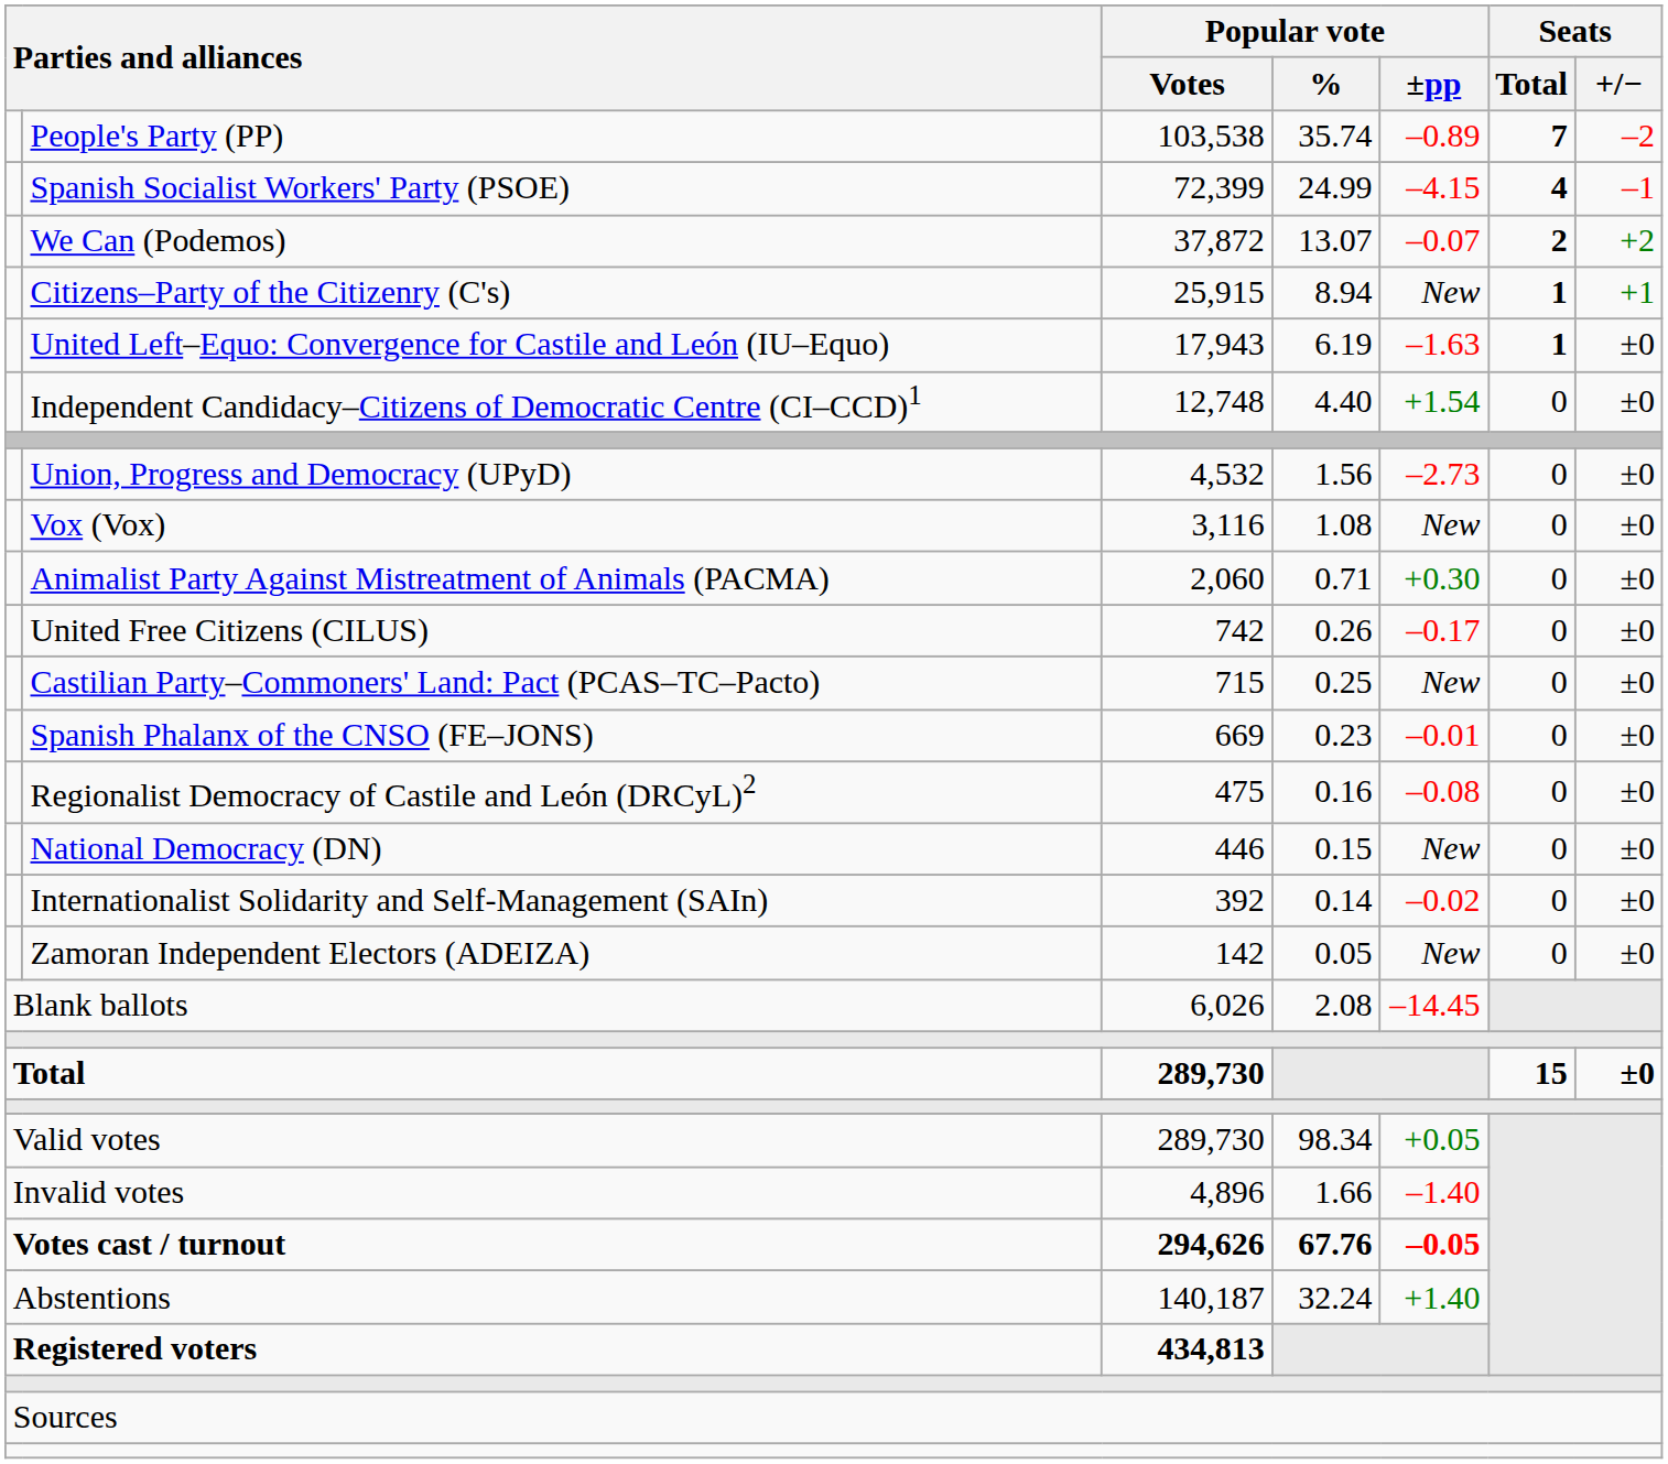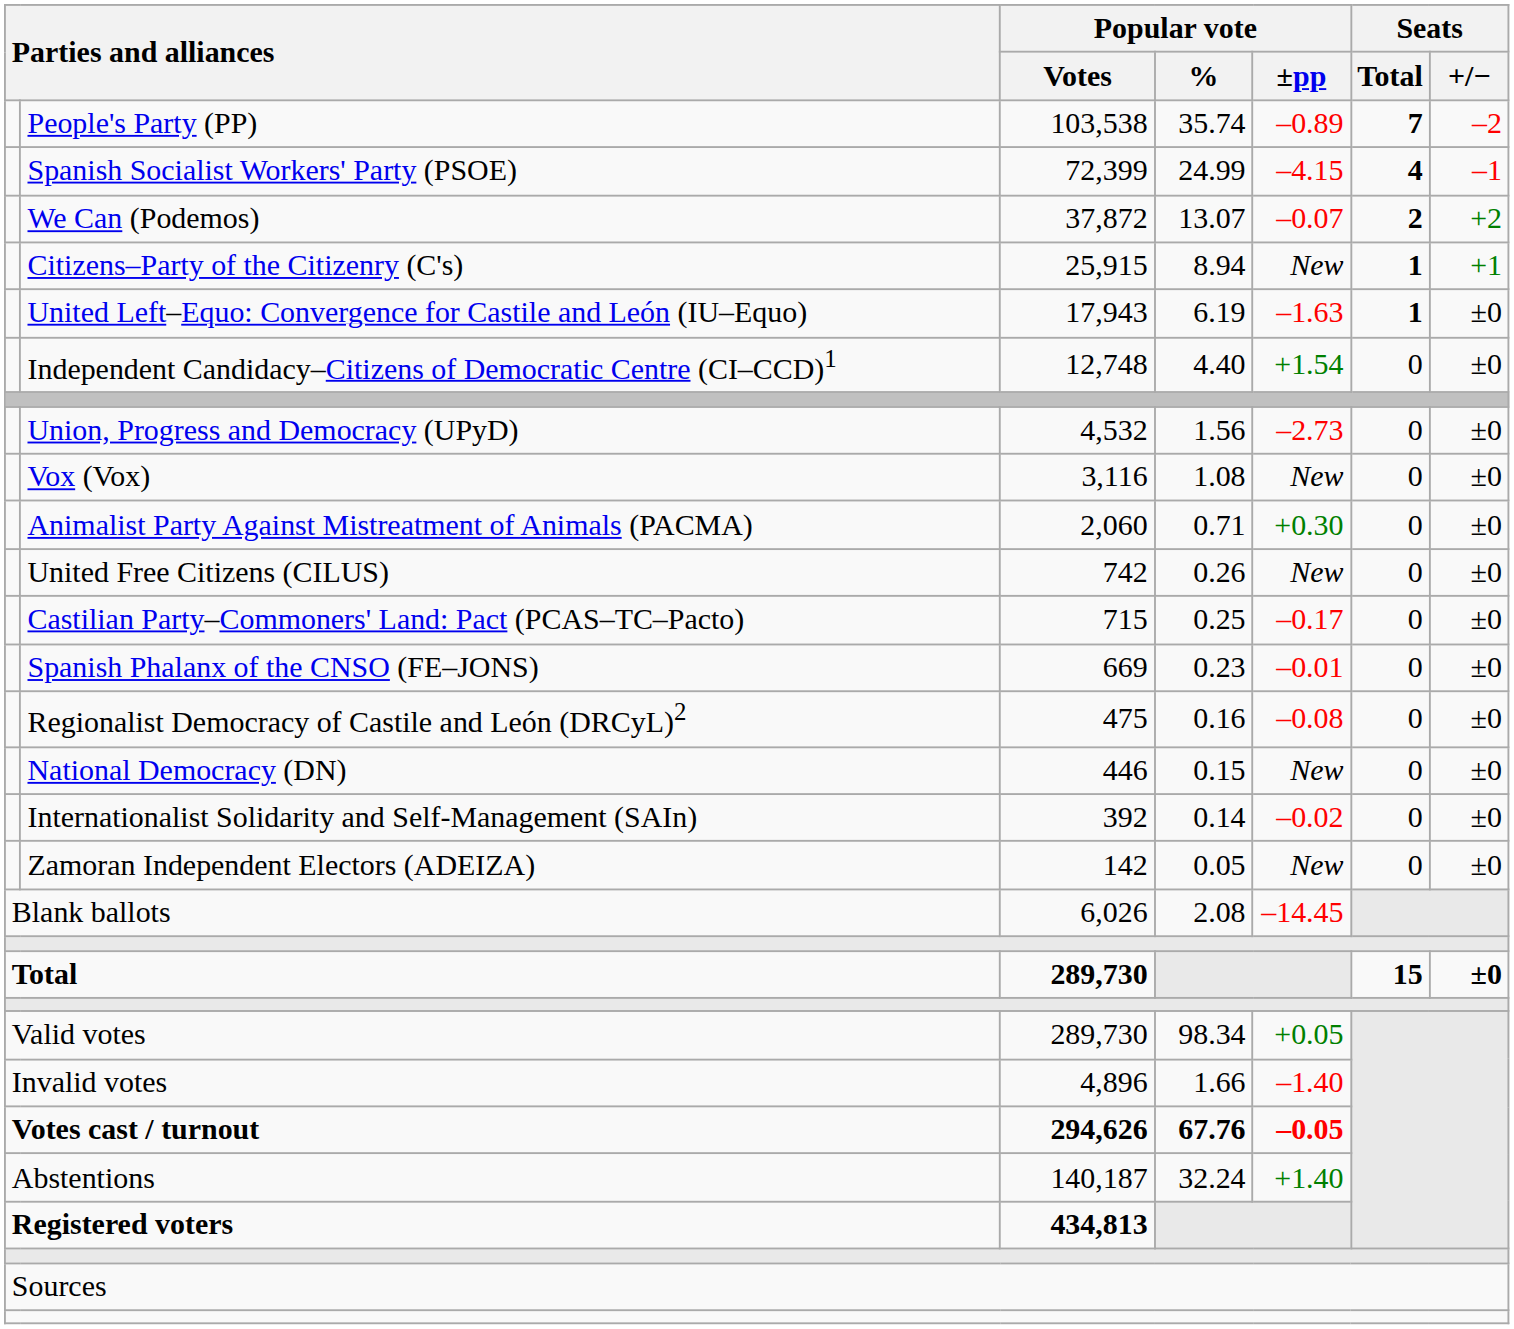 <table class="wikitable" style="text-align:right;">
 <tr>
 <th style="text-align:left;" rowspan="2" colspan="2" width="525">Parties and alliances</th>
 <th colspan="3">Popular vote</th>
 <th colspan="2">Seats</th>
 </tr>
 <tr>
 <th width="75">Votes</th>
 <th width="45">%</th>
 <th width="45">±<a href='#'>pp</a></th>
 <th width="35">Total</th>
 <th width="35">+/−</th>
 </tr>
 <tr>
 <td width="1" style="color:inherit;background:"></td>
 <td align="left"><a href='#'>People's Party</a> (PP)</td>
 <td>103,538</td>
 <td>35.74</td>
 <td style="color:red;">–0.89</td>
 <td><strong>7</strong></td>
 <td style="color:red;">–2</td>
 </tr>
 <tr>
 <td style="color:inherit;background:"></td>
 <td align="left"><a href='#'>Spanish Socialist Workers' Party</a> (PSOE)</td>
 <td>72,399</td>
 <td>24.99</td>
 <td style="color:red;">–4.15</td>
 <td><strong>4</strong></td>
 <td style="color:red;">–1</td>
 </tr>
 <tr>
 <td style="color:inherit;background:"></td>
 <td align="left"><a href='#'>We Can</a> (Podemos)</td>
 <td>37,872</td>
 <td>13.07</td>
 <td style="color:red;">–0.07</td>
 <td><strong>2</strong></td>
 <td style="color:green;">+2</td>
 </tr>
 <tr>
 <td style="color:inherit;background:"></td>
 <td align="left"><a href='#'>Citizens–Party of the Citizenry</a> (C's)</td>
 <td>25,915</td>
 <td>8.94</td>
 <td><em>New</em></td>
 <td><strong>1</strong></td>
 <td style="color:green;">+1</td>
 </tr>
 <tr>
 <td style="color:inherit;background:"></td>
 <td align="left"><a href='#'>United Left</a>–<a href='#'>Equo: Convergence for Castile and León</a> (IU–Equo)</td>
 <td>17,943</td>
 <td>6.19</td>
 <td style="color:red;">–1.63</td>
 <td><strong>1</strong></td>
 <td>±0</td>
 </tr>
 <tr>
 <td style="color:inherit;background:"></td>
 <td align="left">Independent Candidacy–<a href='#'>Citizens of Democratic Centre</a> (CI–CCD)<sup>1</sup></td>
 <td>12,748</td>
 <td>4.40</td>
 <td style="color:green;">+1.54</td>
 <td>0</td>
 <td>±0</td>
 </tr>
 <tr>
 <td colspan="7" bgcolor="#C0C0C0"></td>
 </tr>
 <tr>
 <td style="color:inherit;background:"></td>
 <td align="left"><a href='#'>Union, Progress and Democracy</a> (UPyD)</td>
 <td>4,532</td>
 <td>1.56</td>
 <td style="color:red;">–2.73</td>
 <td>0</td>
 <td>±0</td>
 </tr>
 <tr>
 <td style="color:inherit;background:"></td>
 <td align="left"><a href='#'>Vox</a> (Vox)</td>
 <td>3,116</td>
 <td>1.08</td>
 <td><em>New</em></td>
 <td>0</td>
 <td>±0</td>
 </tr>
 <tr>
 <td style="color:inherit;background:"></td>
 <td align="left"><a href='#'>Animalist Party Against Mistreatment of Animals</a> (PACMA)</td>
 <td>2,060</td>
 <td>0.71</td>
 <td style="color:green;">+0.30</td>
 <td>0</td>
 <td>±0</td>
 </tr>
 <tr>
 <td style="color:inherit;background:"></td>
 <td align="left">United Free Citizens (CILUS)</td>
 <td>742</td>
 <td>0.26</td>
-<td style="color:red;">–0.17</td>
+<td><em>New</em></td>
 <td>0</td>
 <td>±0</td>
 </tr>
 <tr>
 <td style="color:inherit;background:"></td>
 <td align="left"><a href='#'>Castilian Party</a>–<a href='#'>Commoners' Land: Pact</a> (PCAS–TC–Pacto)</td>
 <td>715</td>
 <td>0.25</td>
-<td><em>New</em></td>
+<td style="color:red;">–0.17</td>
 <td>0</td>
 <td>±0</td>
 </tr>
 <tr>
 <td style="color:inherit;background:"></td>
 <td align="left"><a href='#'>Spanish Phalanx of the CNSO</a> (FE–JONS)</td>
 <td>669</td>
 <td>0.23</td>
 <td style="color:red;">–0.01</td>
 <td>0</td>
 <td>±0</td>
 </tr>
 <tr>
 <td style="color:inherit;background:"></td>
 <td align="left">Regionalist Democracy of Castile and León (DRCyL)<sup>2</sup></td>
 <td>475</td>
 <td>0.16</td>
 <td style="color:red;">–0.08</td>
 <td>0</td>
 <td>±0</td>
 </tr>
 <tr>
 <td style="color:inherit;background:"></td>
 <td align="left"><a href='#'>National Democracy</a> (DN)</td>
 <td>446</td>
 <td>0.15</td>
 <td><em>New</em></td>
 <td>0</td>
 <td>±0</td>
 </tr>
 <tr>
 <td style="color:inherit;background:"></td>
 <td align="left">Internationalist Solidarity and Self-Management (SAIn)</td>
 <td>392</td>
 <td>0.14</td>
 <td style="color:red;">–0.02</td>
 <td>0</td>
 <td>±0</td>
 </tr>
 <tr>
 <td style="color:inherit;background:"></td>
 <td align="left">Zamoran Independent Electors (ADEIZA)</td>
 <td>142</td>
 <td>0.05</td>
 <td><em>New</em></td>
 <td>0</td>
 <td>±0</td>
 </tr>
 <tr>
 <td align="left" colspan="2">Blank ballots</td>
 <td>6,026</td>
 <td>2.08</td>
 <td style="color:red;">–14.45</td>
 <td bgcolor="#E9E9E9" colspan="2"></td>
 </tr>
 <tr>
 <td colspan="7" bgcolor="#E9E9E9"></td>
 </tr>
 <tr style="font-weight:bold;">
 <td align="left" colspan="2">Total</td>
 <td>289,730</td>
 <td bgcolor="#E9E9E9" colspan="2"></td>
 <td>15</td>
 <td>±0</td>
 </tr>
 <tr>
 <td colspan="7" bgcolor="#E9E9E9"></td>
 </tr>
 <tr>
 <td align="left" colspan="2">Valid votes</td>
 <td>289,730</td>
 <td>98.34</td>
 <td style="color:green;">+0.05</td>
 <td bgcolor="#E9E9E9" colspan="2" rowspan="5"></td>
 </tr>
 <tr>
 <td align="left" colspan="2">Invalid votes</td>
 <td>4,896</td>
 <td>1.66</td>
 <td style="color:red;">–1.40</td>
 </tr>
 <tr style="font-weight:bold;">
 <td align="left" colspan="2">Votes cast / turnout</td>
 <td>294,626</td>
 <td>67.76</td>
 <td style="color:red;">–0.05</td>
 </tr>
 <tr>
 <td align="left" colspan="2">Abstentions</td>
 <td>140,187</td>
 <td>32.24</td>
 <td style="color:green;">+1.40</td>
 </tr>
 <tr style="font-weight:bold;">
 <td align="left" colspan="2">Registered voters</td>
 <td>434,813</td>
 <td bgcolor="#E9E9E9" colspan="2"></td>
 </tr>
 <tr>
 <td colspan="7" bgcolor="#E9E9E9"></td>
 </tr>
 <tr>
 <td align="left" colspan="7">Sources</td>
 </tr>
 <tr>
 <td colspan="7" style="text-align:left; max-width:790px;"></td>
 </tr>
 </table>
